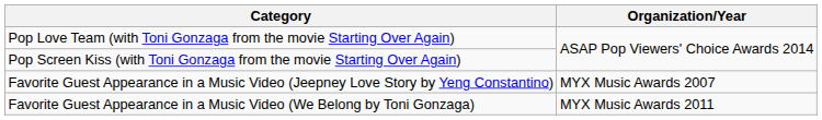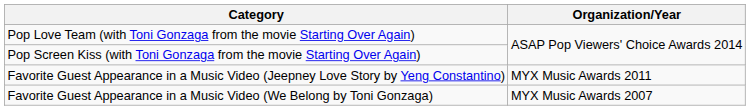 <table class="wikitable" style="margin:0; font-size:95%;">
 <tr style="background:#ccc;">
 <th>Category</th>
 <th>Organization/Year</th>
 </tr>
 <tr>
 <td>Pop Love Team (with <a href='#'>Toni Gonzaga</a> from the movie <a href='#'>Starting Over Again</a>)</td>
 <td rowspan=2>ASAP Pop Viewers' Choice Awards 2014</td>
 </tr>
 <tr>
 <td>Pop Screen Kiss (with <a href='#'>Toni Gonzaga</a> from the movie <a href='#'>Starting Over Again</a>)</td>
 </tr>
 <tr>
 <td>Favorite Guest Appearance in a Music Video (Jeepney Love Story by <a href='#'>Yeng Constantino</a>)</td>
-<td>MYX Music Awards 2007</td>
+<td>MYX Music Awards 2011</td>
 </tr>
 <tr>
 <td>Favorite Guest Appearance in a Music Video (We Belong by Toni Gonzaga)</td>
-<td>MYX Music Awards 2011</td>
+<td>MYX Music Awards 2007</td>
 </tr>
 </table>
